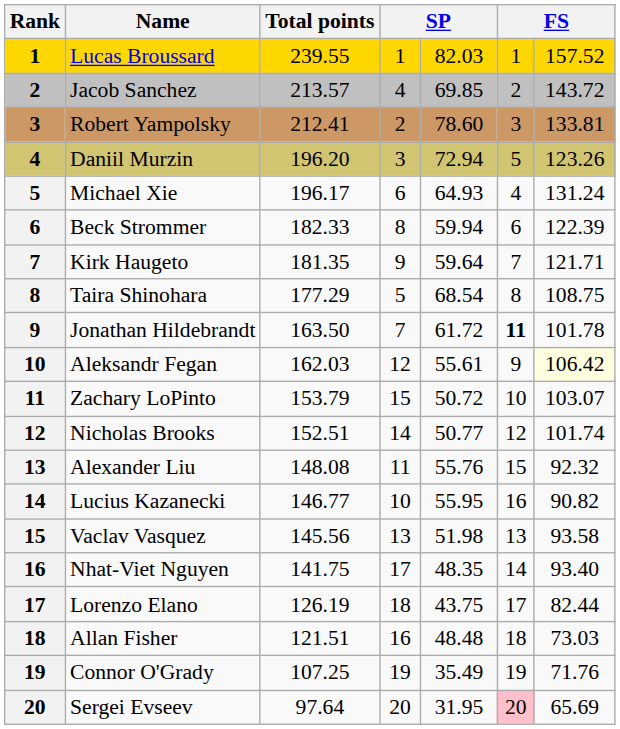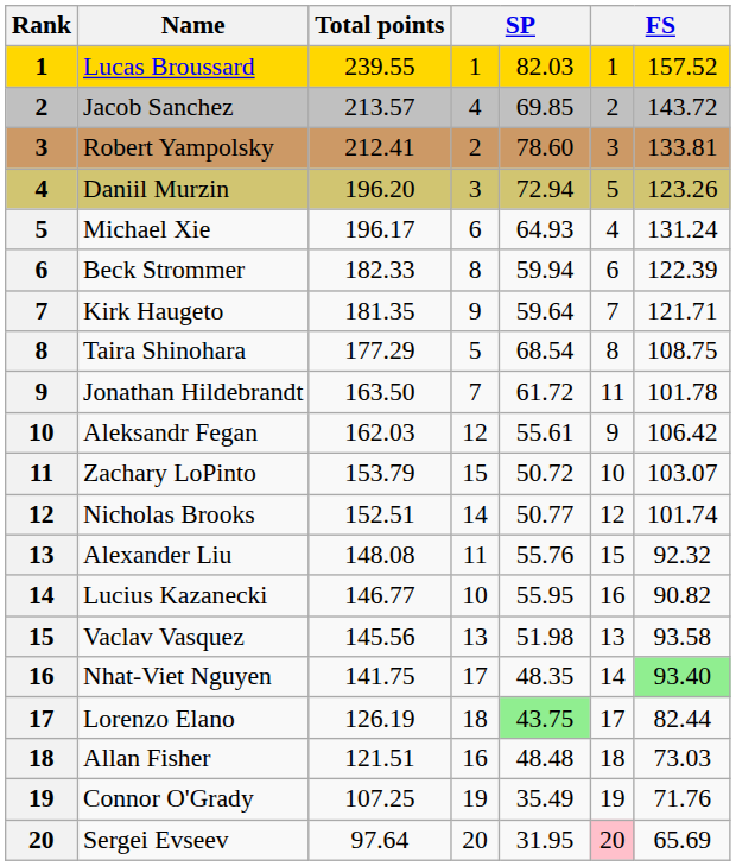 <table class="wikitable sortable">
 <tr>
 <th>Rank</th>
 <th>Name</th>
 <th>Total points</th>
 <th colspan="2" width="80px"><a href='#'>SP</a></th>
 <th colspan="2" width="80px"><a href='#'>FS</a></th>
 </tr>
 <tr bgcolor="gold">
 <td align="center"><strong>1</strong></td>
 <td><a href='#'>Lucas Broussard</a></td>
 <td align="center">239.55</td>
 <td align="center">1</td>
 <td align="center">82.03</td>
 <td align="center">1</td>
 <td align="center">157.52</td>
 </tr>
 <tr bgcolor="silver">
 <td align="center"><strong>2</strong></td>
 <td>Jacob Sanchez</td>
 <td align="center">213.57</td>
 <td align="center">4</td>
 <td align="center">69.85</td>
 <td align="center">2</td>
 <td align="center">143.72</td>
 </tr>
 <tr bgcolor="cc9966">
 <td align="center"><strong>3</strong></td>
 <td>Robert Yampolsky</td>
 <td align="center">212.41</td>
 <td align="center">2</td>
 <td align="center">78.60</td>
 <td align="center">3</td>
 <td align="center">133.81</td>
 </tr>
 <tr bgcolor="#d1c571">
 <td align="center"><strong>4</strong></td>
 <td>Daniil Murzin</td>
 <td align="center">196.20</td>
 <td align="center">3</td>
 <td align="center">72.94</td>
 <td align="center">5</td>
 <td align="center">123.26</td>
 </tr>
 <tr>
 <th>5</th>
 <td>Michael Xie</td>
 <td align="center">196.17</td>
 <td align="center">6</td>
 <td align="center">64.93</td>
 <td align="center">4</td>
 <td align="center">131.24</td>
 </tr>
 <tr>
 <th>6</th>
 <td>Beck Strommer</td>
 <td align="center">182.33</td>
 <td align="center">8</td>
 <td align="center">59.94</td>
 <td align="center">6</td>
 <td align="center">122.39</td>
 </tr>
 <tr>
 <th>7</th>
 <td>Kirk Haugeto</td>
 <td align="center">181.35</td>
 <td align="center">9</td>
 <td align="center">59.64</td>
 <td align="center">7</td>
 <td align="center">121.71</td>
 </tr>
 <tr>
 <th>8</th>
 <td>Taira Shinohara</td>
 <td align="center">177.29</td>
 <td align="center">5</td>
 <td align="center">68.54</td>
 <td align="center">8</td>
 <td align="center">108.75</td>
 </tr>
 <tr>
 <th>9</th>
 <td>Jonathan Hildebrandt</td>
 <td align="center">163.50</td>
 <td align="center">7</td>
 <td align="center">61.72</td>
-<td align="center"><strong>11</strong></td>
+<td align="center">11</td>
 <td align="center">101.78</td>
 </tr>
 <tr>
 <th>10</th>
 <td>Aleksandr Fegan</td>
 <td align="center">162.03</td>
 <td align="center">12</td>
 <td align="center">55.61</td>
 <td align="center">9</td>
-<td align="center" style="background: lightyellow;">106.42</td>
+<td align="center">106.42</td>
 </tr>
 <tr>
 <th>11</th>
 <td>Zachary LoPinto</td>
 <td align="center">153.79</td>
 <td align="center">15</td>
 <td align="center">50.72</td>
 <td align="center">10</td>
 <td align="center">103.07</td>
 </tr>
 <tr>
 <th>12</th>
 <td>Nicholas Brooks</td>
 <td align="center">152.51</td>
 <td align="center">14</td>
 <td align="center">50.77</td>
 <td align="center">12</td>
 <td align="center">101.74</td>
 </tr>
 <tr>
 <th>13</th>
 <td>Alexander Liu</td>
 <td align="center">148.08</td>
 <td align="center">11</td>
 <td align="center">55.76</td>
 <td align="center">15</td>
 <td align="center">92.32</td>
 </tr>
 <tr>
 <th>14</th>
 <td>Lucius Kazanecki</td>
 <td align="center">146.77</td>
 <td align="center">10</td>
 <td align="center">55.95</td>
 <td align="center">16</td>
 <td align="center">90.82</td>
 </tr>
 <tr>
 <th>15</th>
 <td>Vaclav Vasquez</td>
 <td align="center">145.56</td>
 <td align="center">13</td>
 <td align="center">51.98</td>
 <td align="center">13</td>
 <td align="center">93.58</td>
 </tr>
 <tr>
 <th>16</th>
 <td>Nhat-Viet Nguyen</td>
 <td align="center">141.75</td>
 <td align="center">17</td>
 <td align="center">48.35</td>
 <td align="center">14</td>
-<td align="center">93.40</td>
+<td align="center" style="background: lightgreen;">93.40</td>
 </tr>
 <tr>
 <th>17</th>
 <td>Lorenzo Elano</td>
 <td align="center">126.19</td>
 <td align="center">18</td>
-<td align="center">43.75</td>
+<td align="center" style="background: lightgreen;">43.75</td>
 <td align="center">17</td>
 <td align="center">82.44</td>
 </tr>
 <tr>
 <th>18</th>
 <td>Allan Fisher</td>
 <td align="center">121.51</td>
 <td align="center">16</td>
 <td align="center">48.48</td>
 <td align="center">18</td>
 <td align="center">73.03</td>
 </tr>
 <tr>
 <th>19</th>
 <td>Connor O'Grady</td>
 <td align="center">107.25</td>
 <td align="center">19</td>
 <td align="center">35.49</td>
 <td align="center">19</td>
 <td align="center">71.76</td>
 </tr>
 <tr>
 <th>20</th>
 <td>Sergei Evseev</td>
 <td align="center">97.64</td>
 <td align="center">20</td>
 <td align="center">31.95</td>
 <td align="center" style="background: pink;">20</td>
 <td align="center">65.69</td>
 </tr>
 </table>
